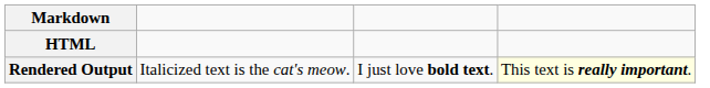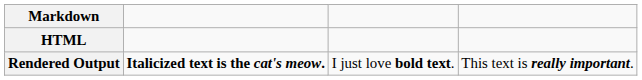 <table class="wikitable">
 <tr>
 <th>Markdown</th>
 <td></td>
 <td></td>
 <td></td>
 </tr>
 <tr>
 <th>HTML</th>
 <td></td>
 <td></td>
 <td></td>
 </tr>
 <tr>
 <th>Rendered Output</th>
-<td>Italicized text is the <em>cat's meow</em>.</td>
+<td><strong>Italicized text is the <em>cat's meow</em>.</strong></td>
 <td>I just love <strong>bold text</strong>.</td>
-<td style="background: lightyellow;">This text is <strong><em>really important</em></strong>.</td>
+<td>This text is <strong><em>really important</em></strong>.</td>
 </tr>
 </table>
